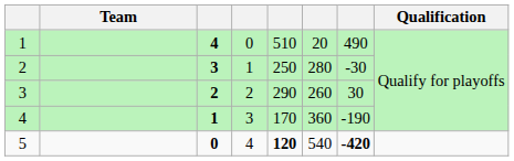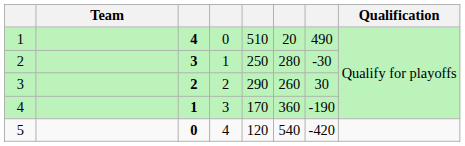 <table class="wikitable sortable mw-collapsible" style="text-align:center;">
 <tr>
 <th width="28px"></th>
 <th width="150px">Team</th>
 <th width="28px"></th>
 <th width="28px"></th>
 <th width="28px"></th>
 <th width="28px"></th>
 <th width="28px"></th>
 <th>Qualification</th>
 </tr>
 <tr bgcolor=#BBF3BB>
 <td>1</td>
 <td style="text-align:left"></td>
 <td><strong>4</strong></td>
 <td>0</td>
 <td>510</td>
 <td>20</td>
 <td>490</td>
 <td rowspan="4">Qualify for playoffs</td>
 </tr>
 <tr bgcolor=#BBF3BB>
 <td>2</td>
 <td style="text-align:left"></td>
 <td><strong>3</strong></td>
 <td>1</td>
 <td>250</td>
 <td>280</td>
 <td>-30</td>
 </tr>
 <tr bgcolor=#BBF3BB>
 <td>3</td>
 <td style="text-align:left"></td>
 <td><strong>2</strong></td>
 <td>2</td>
 <td>290</td>
 <td>260</td>
 <td>30</td>
 </tr>
 <tr bgcolor=#BBF3BB>
 <td>4</td>
 <td style="text-align:left"></td>
 <td><strong>1</strong></td>
 <td>3</td>
 <td>170</td>
 <td>360</td>
 <td>-190</td>
 </tr>
 <tr>
 <td>5</td>
 <td style="text-align:left;"></td>
 <td><strong>0</strong></td>
 <td>4</td>
-<td><strong>120</strong></td>
+<td>120</td>
 <td>540</td>
-<td><strong>-420</strong></td>
+<td>-420</td>
 <td></td>
 </tr>
 </table>
